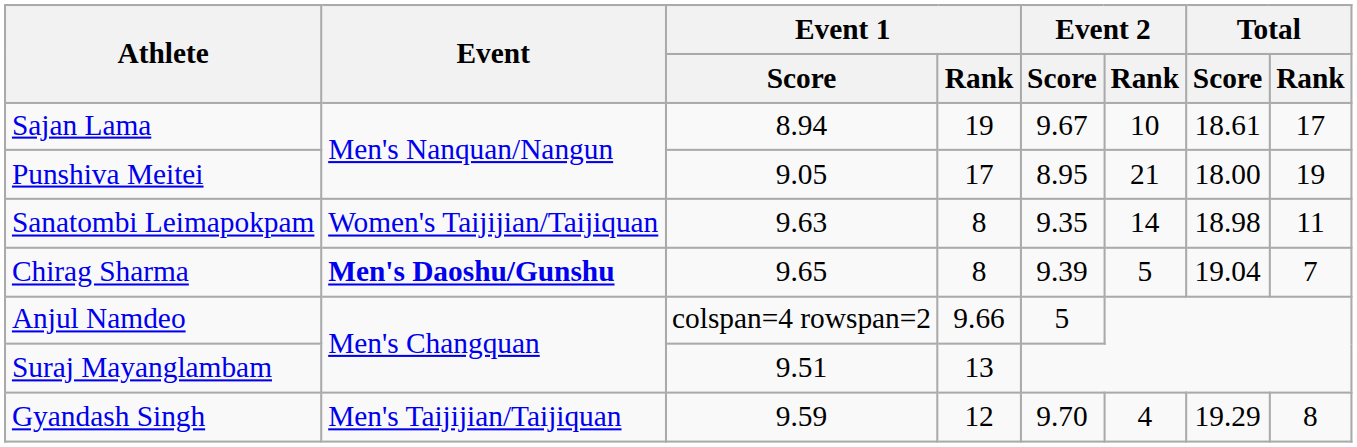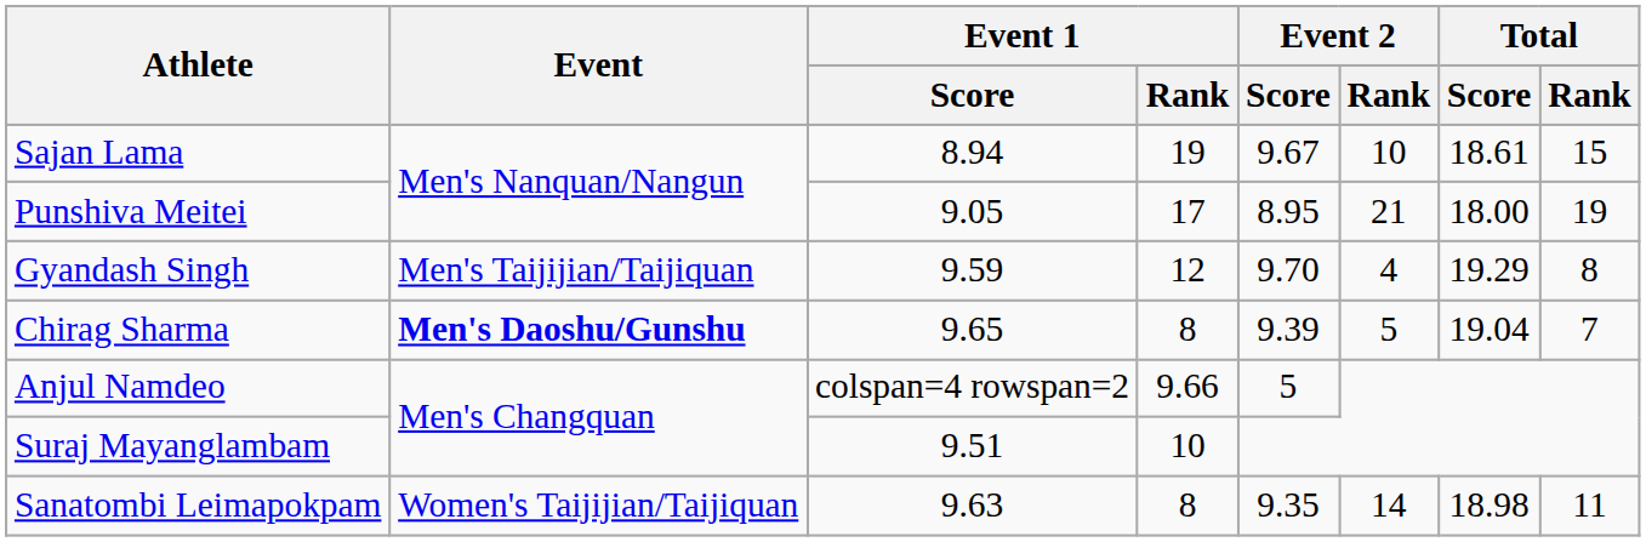 <table class=wikitable style="text-align:center; font-size:90%">
 <tr>
 <th rowspan="2">Athlete</th>
 <th rowspan="2">Event</th>
 <th colspan="2">Event 1</th>
 <th colspan="2">Event 2</th>
 <th colspan="2">Total</th>
 </tr>
 <tr>
 <th>Score</th>
 <th>Rank</th>
 <th>Score</th>
 <th>Rank</th>
 <th>Score</th>
 <th>Rank</th>
 </tr>
 <tr>
 <td align=left><a href='#'>Sajan Lama</a></td>
 <td align=left rowspan="2"><a href='#'>Men's Nanquan/Nangun</a></td>
 <td>8.94</td>
 <td>19</td>
 <td>9.67</td>
 <td>10</td>
 <td>18.61</td>
-<td>17</td>
+<td>15</td>
 </tr>
 <tr>
 <td align=left><a href='#'>Punshiva Meitei</a></td>
 <td>9.05</td>
 <td>17</td>
 <td>8.95</td>
 <td>21</td>
 <td>18.00</td>
 <td>19</td>
 </tr>
 <tr>
-<td align=left><a href='#'>Sanatombi Leimapokpam</a></td>
-<td align=left><a href='#'>Women's Taijijian/Taijiquan</a></td>
-<td>9.63</td>
+<td align=left><a href='#'>Gyandash Singh</a></td>
+<td align=left><a href='#'>Men's Taijijian/Taijiquan</a></td>
+<td>9.59</td>
+<td>12</td>
+<td>9.70</td>
+<td>4</td>
+<td>19.29</td>
 <td>8</td>
-<td>9.35</td>
-<td>14</td>
-<td>18.98</td>
-<td>11</td>
 </tr>
 <tr>
 <td align=left><a href='#'>Chirag Sharma</a></td>
 <td align=left><strong><a href='#'>Men's Daoshu/Gunshu</a></strong></td>
 <td>9.65</td>
 <td>8</td>
 <td>9.39</td>
 <td>5</td>
 <td>19.04</td>
 <td>7</td>
 </tr>
 <tr>
 <td align=left><a href='#'>Anjul Namdeo</a></td>
 <td align=left rowspan="2"><a href='#'>Men's Changquan</a></td>
 <td>colspan=4 rowspan=2 </td>
 <td>9.66</td>
 <td>5</td>
 </tr>
 <tr>
 <td align=left><a href='#'>Suraj Mayanglambam</a></td>
 <td>9.51</td>
-<td>13</td>
+<td>10</td>
 </tr>
 <tr>
-<td align=left><a href='#'>Gyandash Singh</a></td>
-<td align=left><a href='#'>Men's Taijijian/Taijiquan</a></td>
-<td>9.59</td>
-<td>12</td>
-<td>9.70</td>
-<td>4</td>
-<td>19.29</td>
+<td align=left><a href='#'>Sanatombi Leimapokpam</a></td>
+<td align=left><a href='#'>Women's Taijijian/Taijiquan</a></td>
+<td>9.63</td>
 <td>8</td>
+<td>9.35</td>
+<td>14</td>
+<td>18.98</td>
+<td>11</td>
 </tr>
 </table>
